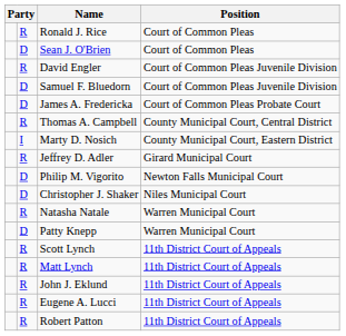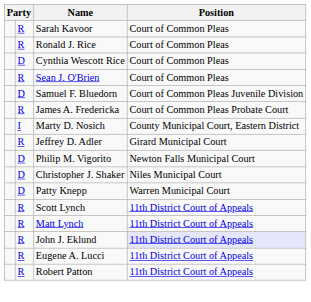 <table class=wikitable>
 <tr>
 <th colspan="2" style="text-align:center; vertical-align:bottom;">Party</th>
 <th style="text-align:center;">Name</th>
 <th valign=bottom>Position</th>
+</tr>
+<tr>
+<td style="background-color:"> </td>
+<td><a href='#'>R</a></td>
+<td>Sarah Kavoor</td>
+<td>Court of Common Pleas</td>
 </tr>
 <tr>
 <td style="background-color:"> </td>
 <td><a href='#'>R</a></td>
 <td>Ronald J. Rice</td>
 <td>Court of Common Pleas</td>
 </tr>
 <tr>
 <td style="background-color:"> </td>
 <td><a href='#'>D</a></td>
-<td><a href='#'>Sean J. O'Brien</a></td>
+<td>Cynthia Wescott Rice</td>
 <td>Court of Common Pleas</td>
 </tr>
 <tr>
 <td style="background-color:"> </td>
 <td><a href='#'>R</a></td>
-<td>David Engler</td>
-<td>Court of Common Pleas Juvenile Division</td>
+<td><a href='#'>Sean J. O'Brien</a></td>
+<td>Court of Common Pleas</td>
 </tr>
 <tr>
 <td style="background-color:"> </td>
 <td><a href='#'>D</a></td>
 <td>Samuel F. Bluedorn</td>
 <td>Court of Common Pleas Juvenile Division</td>
 </tr>
 <tr>
 <td style="background-color:"> </td>
-<td><a href='#'>D</a></td>
+<td><a href='#'>R</a></td>
 <td>James A. Fredericka</td>
 <td>Court of Common Pleas Probate Court</td>
-</tr>
-<tr>
-<td style="background-color:"> </td>
-<td><a href='#'>R</a></td>
-<td>Thomas A. Campbell</td>
-<td>County Municipal Court, Central District</td>
 </tr>
 <tr>
 <td style="background-color:"> </td>
 <td><a href='#'>I</a></td>
 <td>Marty D. Nosich</td>
 <td>County Municipal Court, Eastern District</td>
 </tr>
 <tr>
 <td style="background-color:"> </td>
 <td><a href='#'>R</a></td>
 <td>Jeffrey D. Adler</td>
 <td>Girard Municipal Court</td>
 </tr>
 <tr>
 <td style="background-color:"> </td>
 <td><a href='#'>D</a></td>
 <td>Philip M. Vigorito</td>
 <td>Newton Falls Municipal Court</td>
 </tr>
 <tr>
 <td style="background-color:"> </td>
 <td><a href='#'>D</a></td>
 <td>Christopher J. Shaker</td>
 <td>Niles Municipal Court</td>
 </tr>
 <tr>
 <td style="background-color:"> </td>
-<td><a href='#'>R</a></td>
-<td>Natasha Natale</td>
-<td>Warren Municipal Court</td>
-</tr>
-<tr>
-<td style="background-color:"> </td>
 <td><a href='#'>D</a></td>
 <td>Patty Knepp</td>
 <td>Warren Municipal Court</td>
 </tr>
 <tr>
 <td style="background-color:"> </td>
 <td><a href='#'>R</a></td>
 <td>Scott Lynch</td>
 <td><a href='#'>11th District Court of Appeals</a></td>
 </tr>
 <tr>
 <td style="background-color:"> </td>
 <td><a href='#'>R</a></td>
 <td><a href='#'>Matt Lynch</a></td>
 <td><a href='#'>11th District Court of Appeals</a></td>
 </tr>
 <tr>
 <td style="background-color:"> </td>
 <td><a href='#'>R</a></td>
 <td>John J. Eklund</td>
-<td><a href='#'>11th District Court of Appeals</a></td>
+<td style="background: lavender;"><a href='#'>11th District Court of Appeals</a></td>
 </tr>
 <tr>
 <td style="background-color:"> </td>
 <td><a href='#'>R</a></td>
 <td>Eugene A. Lucci</td>
 <td><a href='#'>11th District Court of Appeals</a></td>
 </tr>
 <tr>
 <td style="background-color:"> </td>
 <td><a href='#'>R</a></td>
 <td>Robert Patton</td>
 <td><a href='#'>11th District Court of Appeals</a></td>
 </tr>
 </table>
